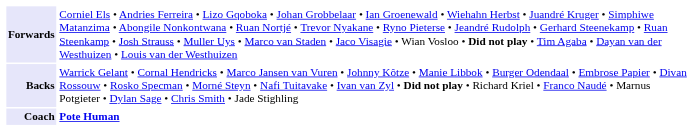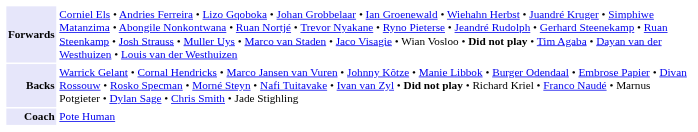 <table cellpadding="2" style="border: 1px solid white; font-size:90%;">
 <tr>
 <td style="text-align:right;" bgcolor="lavender"><strong>Forwards</strong></td>
 <td style="text-align:left;"><a href='#'>Corniel Els</a> • <a href='#'>Andries Ferreira</a> • <a href='#'>Lizo Gqoboka</a> • <a href='#'>Johan Grobbelaar</a> • <a href='#'>Ian Groenewald</a> • <a href='#'>Wiehahn Herbst</a> • <a href='#'>Juandré Kruger</a> • <a href='#'>Simphiwe Matanzima</a> • <a href='#'>Abongile Nonkontwana</a> • <a href='#'>Ruan Nortjé</a> • <a href='#'>Trevor Nyakane</a> • <a href='#'>Ryno Pieterse</a> • <a href='#'>Jeandré Rudolph</a> • <a href='#'>Gerhard Steenekamp</a> • <a href='#'>Ruan Steenkamp</a> • <a href='#'>Josh Strauss</a> • <a href='#'>Muller Uys</a>  • <a href='#'>Marco van Staden</a> • <a href='#'>Jaco Visagie</a> • Wian Vosloo • <strong>Did not play</strong> • <a href='#'>Tim Agaba</a> • <a href='#'>Dayan van der Westhuizen</a> • <a href='#'>Louis van der Westhuizen</a></td>
 </tr>
 <tr>
 <td style="text-align:right;" bgcolor="lavender"><strong>Backs</strong></td>
 <td style="text-align:left;"><a href='#'>Warrick Gelant</a> • <a href='#'>Cornal Hendricks</a> • <a href='#'>Marco Jansen van Vuren</a> • <a href='#'>Johnny Kôtze</a> • <a href='#'>Manie Libbok</a> • <a href='#'>Burger Odendaal</a> • <a href='#'>Embrose Papier</a> • <a href='#'>Divan Rossouw</a> • <a href='#'>Rosko Specman</a> • <a href='#'>Morné Steyn</a> • <a href='#'>Nafi Tuitavake</a> • <a href='#'>Ivan van Zyl</a> • <strong>Did not play</strong> • Richard Kriel • <a href='#'>Franco Naudé</a> • Marnus Potgieter • <a href='#'>Dylan Sage</a> • <a href='#'>Chris Smith</a> • Jade Stighling</td>
 </tr>
 <tr>
 <td style="text-align:right;" bgcolor="lavender"><strong>Coach</strong></td>
-<td style="text-align:left;"><strong><a href='#'>Pote Human</a></strong></td>
+<td style="text-align:left;"><a href='#'>Pote Human</a></td>
 </tr>
 </table>
